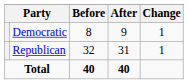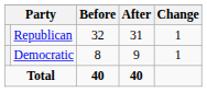 <table class="wikitable" style="text-align:center;">
 <tr>
 </tr>
 <tr>
 <th colspan=2>Party</th>
 <th>Before</th>
 <th>After</th>
 <th>Change</th>
 </tr>
 <tr>
 <th style="background-color:"></th>
-<td style="text-align:left;"><a href='#'>Democratic</a></td>
-<td>8</td>
-<td>9</td>
+<td style="text-align:left;"><a href='#'>Republican</a></td>
+<td>32</td>
+<td>31</td>
 <td> 1</td>
 </tr>
 <tr>
 <th style="background-color:"></th>
-<td style="text-align:left;"><a href='#'>Republican</a></td>
-<td>32</td>
-<td>31</td>
+<td style="text-align:left;"><a href='#'>Democratic</a></td>
+<td>8</td>
+<td>9</td>
 <td> 1</td>
 </tr>
 <tr>
 <td colspan=2><strong>Total</strong></td>
 <td><strong>40</strong></td>
 <td><strong>40</strong></td>
 <td></td>
 </tr>
 </table>
